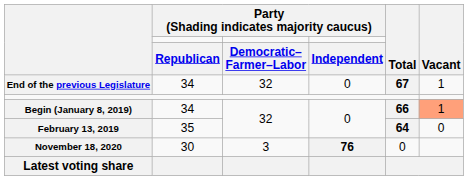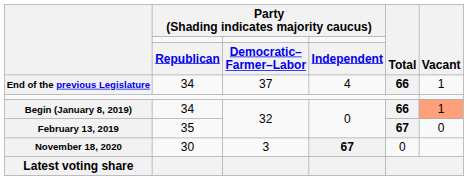 <table class=wikitable style="text-align:center">
 <tr style="vertical-align:bottom;">
 <th rowspan=3></th>
 <th colspan=3>Party <div>(Shading indicates majority caucus)</div></th>
 <th rowspan=3>Total</th>
 <th rowspan=3>Vacant</th>
 </tr>
 <tr>
 <td style="background-color:"></td>
 <td style="background-color:"></td>
 <td style="background-color:"></td>
 </tr>
 <tr>
 <th><a href='#'>Republican</a></th>
 <th><a href='#'>Democratic–<br>Farmer–Labor</a></th>
 <th><a href='#'>Independent</a></th>
 </tr>
 <tr>
 <th nowrap style="font-size:80%">End of the <a href='#'>previous Legislature</a></th>
 <td>34</td>
-<td>32</td>
-<td>0</td>
-<th>67</th>
+<td>37</td>
+<td>4</td>
+<th>66</th>
 <td>1</td>
 </tr>
 <tr>
 <td colspan=5></td>
 </tr>
 <tr>
 <th nowrap style="font-size:80%">Begin (January 8, 2019)</th>
 <td>34</td>
 <td rowspan="2">32</td>
 <td rowspan="2">0</td>
 <th>66</th>
 <td style="background: lightsalmon;">1</td>
 </tr>
 <tr>
 <th nowrap style="font-size:80%">February 13, 2019</th>
 <td>35</td>
-<th>64</th>
+<th>67</th>
 <td>0</td>
 </tr>
 <tr>
 <th nowrap style="font-size:80%">November 18, 2020</th>
 <td>30</td>
 <td>3</td>
-<th>76</th>
+<th>67</th>
 <td>0</td>
 </tr>
 <tr>
 <th>Latest voting share</th>
 <th></th>
 <th></th>
 <th></th>
 <th colspan="2"></th>
 </tr>
 </table>
